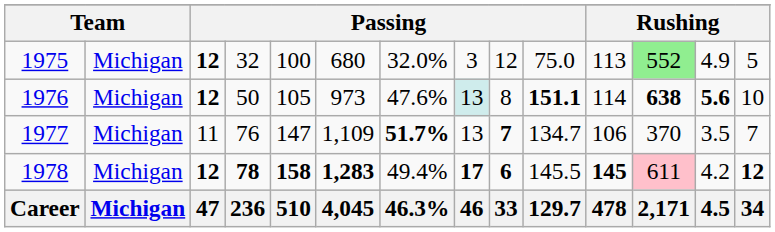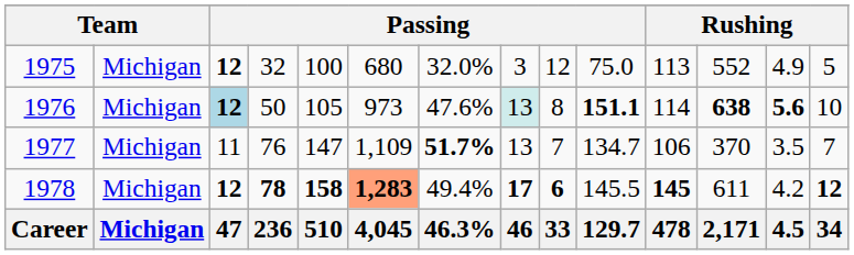 <table class="wikitable" style="text-align:center;">
 <tr>
 </tr>
 <tr>
 <th colspan=2>Team</th>
 <th colspan=8>Passing</th>
 <th colspan=4>Rushing</th>
 </tr>
 <tr>
 <td><a href='#'>1975</a></td>
 <td><a href='#'>Michigan</a></td>
 <td><strong>12</strong></td>
 <td>32</td>
 <td>100</td>
 <td>680</td>
 <td>32.0%</td>
 <td>3</td>
 <td>12</td>
 <td>75.0</td>
 <td>113</td>
-<td style="background: lightgreen;">552</td>
+<td>552</td>
 <td>4.9</td>
 <td>5</td>
 </tr>
 <tr>
 <td><a href='#'>1976</a></td>
 <td><a href='#'>Michigan</a></td>
-<td><strong>12</strong></td>
+<td style="background: lightblue;"><strong>12</strong></td>
 <td>50</td>
 <td>105</td>
 <td>973</td>
 <td>47.6%</td>
 <td style="background:#cfecec;">13</td>
 <td>8</td>
 <td><strong>151.1</strong></td>
 <td>114</td>
 <td><strong>638</strong></td>
 <td><strong>5.6</strong></td>
 <td>10</td>
 </tr>
 <tr>
 <td><a href='#'>1977</a></td>
 <td><a href='#'>Michigan</a></td>
 <td>11</td>
 <td>76</td>
 <td>147</td>
 <td>1,109</td>
 <td><strong>51.7%</strong></td>
 <td>13</td>
-<td><strong>7</strong></td>
+<td>7</td>
 <td>134.7</td>
 <td>106</td>
 <td>370</td>
 <td>3.5</td>
 <td>7</td>
 </tr>
 <tr>
 <td><a href='#'>1978</a></td>
 <td><a href='#'>Michigan</a></td>
 <td><strong>12</strong></td>
 <td><strong>78</strong></td>
 <td><strong>158</strong></td>
-<td><strong>1,283</strong></td>
+<td style="background: lightsalmon;"><strong>1,283</strong></td>
 <td>49.4%</td>
 <td><strong>17</strong></td>
 <td><strong>6</strong></td>
 <td>145.5</td>
 <td><strong>145</strong></td>
-<td style="background: pink;">611</td>
+<td>611</td>
 <td>4.2</td>
 <td><strong>12</strong></td>
 </tr>
 <tr>
 <th>Career</th>
 <th><a href='#'>Michigan</a></th>
 <th>47</th>
 <th>236</th>
 <th>510</th>
 <th>4,045</th>
 <th>46.3%</th>
 <th>46</th>
 <th>33</th>
 <th>129.7</th>
 <th>478</th>
 <th>2,171</th>
 <th>4.5</th>
 <th>34</th>
 </tr>
 </table>
